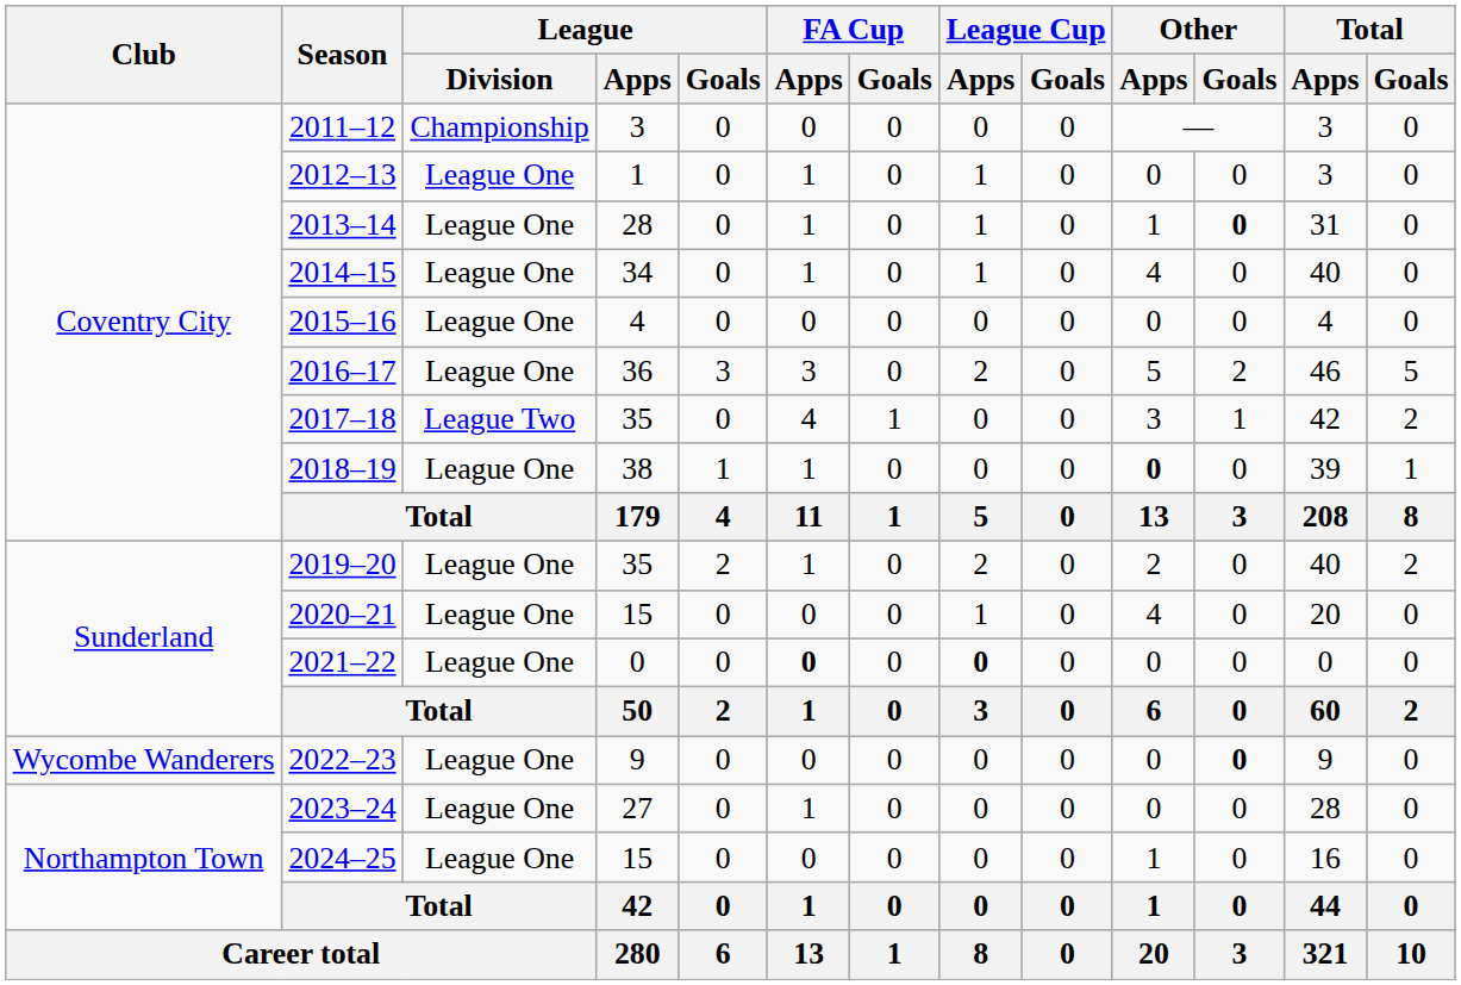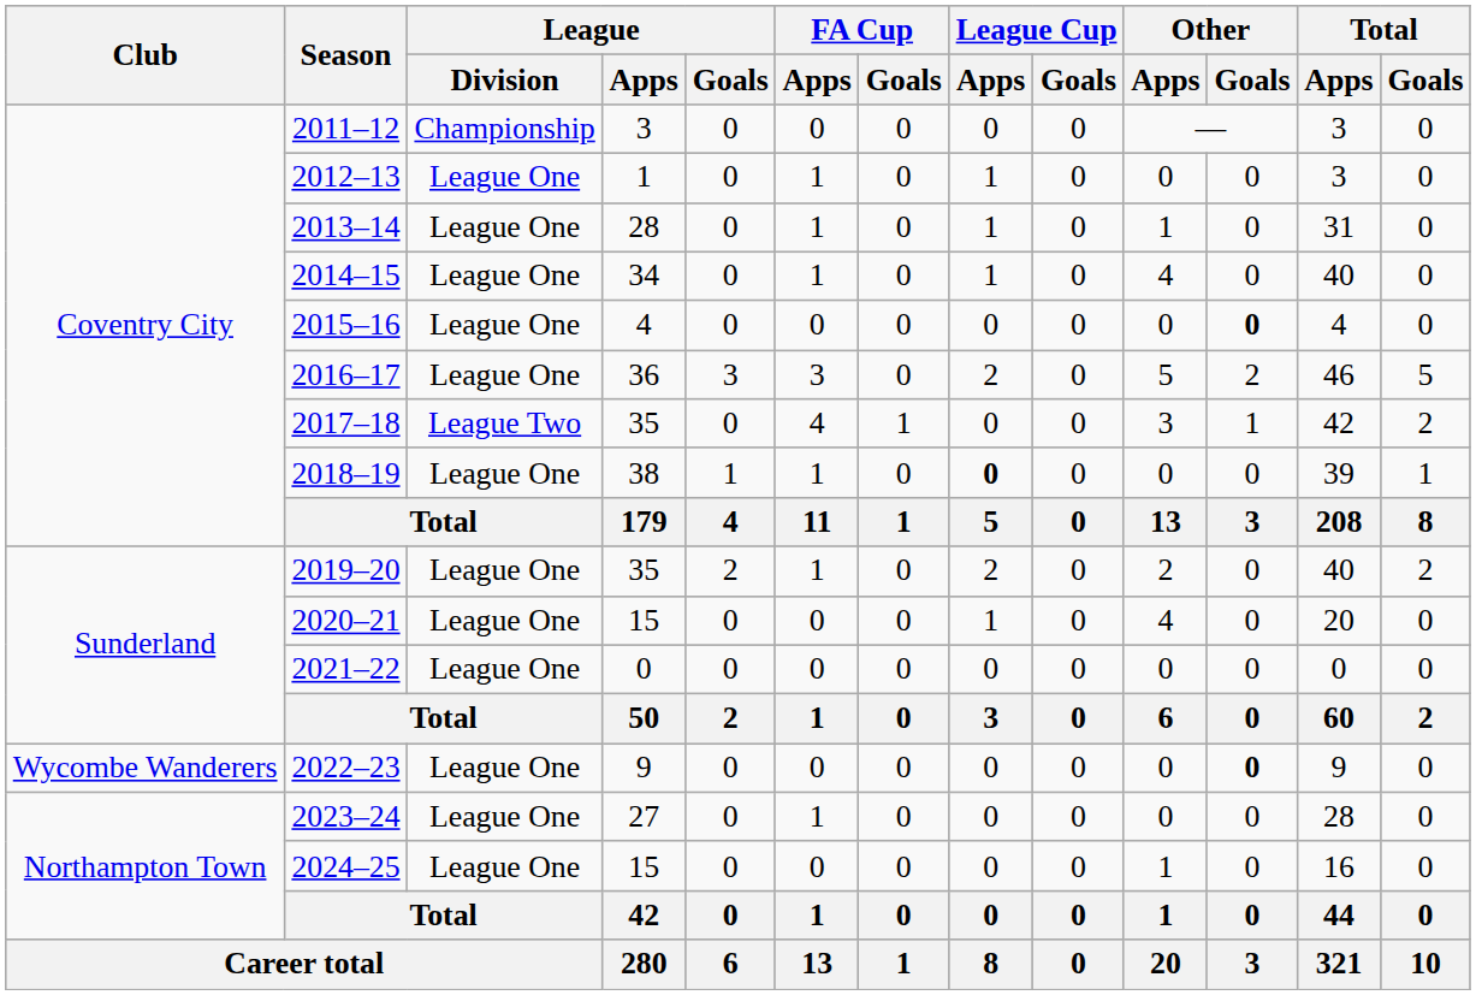 <table class=wikitable style=text-align:center>
 <tr>
 <th rowspan=2>Club</th>
 <th rowspan=2>Season</th>
 <th colspan=3>League</th>
 <th colspan=2><a href='#'>FA Cup</a></th>
 <th colspan=2><a href='#'>League Cup</a></th>
 <th colspan=2>Other</th>
 <th colspan=2>Total</th>
 </tr>
 <tr>
 <th>Division</th>
 <th>Apps</th>
 <th>Goals</th>
 <th>Apps</th>
 <th>Goals</th>
 <th>Apps</th>
 <th>Goals</th>
 <th>Apps</th>
 <th>Goals</th>
 <th>Apps</th>
 <th>Goals</th>
 </tr>
 <tr>
 <td rowspan=9><a href='#'>Coventry City</a></td>
 <td><a href='#'>2011–12</a></td>
 <td><a href='#'>Championship</a></td>
 <td>3</td>
 <td>0</td>
 <td>0</td>
 <td>0</td>
 <td>0</td>
 <td>0</td>
 <td colspan=2>—</td>
 <td>3</td>
 <td>0</td>
 </tr>
 <tr>
 <td><a href='#'>2012–13</a></td>
 <td><a href='#'>League One</a></td>
 <td>1</td>
 <td>0</td>
 <td>1</td>
 <td>0</td>
 <td>1</td>
 <td>0</td>
 <td>0</td>
 <td>0</td>
 <td>3</td>
 <td>0</td>
 </tr>
 <tr>
 <td><a href='#'>2013–14</a></td>
 <td>League One</td>
 <td>28</td>
 <td>0</td>
 <td>1</td>
 <td>0</td>
 <td>1</td>
 <td>0</td>
 <td>1</td>
-<td><strong>0</strong></td>
+<td>0</td>
 <td>31</td>
 <td>0</td>
 </tr>
 <tr>
 <td><a href='#'>2014–15</a></td>
 <td>League One</td>
 <td>34</td>
 <td>0</td>
 <td>1</td>
 <td>0</td>
 <td>1</td>
 <td>0</td>
 <td>4</td>
 <td>0</td>
 <td>40</td>
 <td>0</td>
 </tr>
 <tr>
 <td><a href='#'>2015–16</a></td>
 <td>League One</td>
 <td>4</td>
 <td>0</td>
 <td>0</td>
 <td>0</td>
 <td>0</td>
 <td>0</td>
 <td>0</td>
-<td>0</td>
+<td><strong>0</strong></td>
 <td>4</td>
 <td>0</td>
 </tr>
 <tr>
 <td><a href='#'>2016–17</a></td>
 <td>League One</td>
 <td>36</td>
 <td>3</td>
 <td>3</td>
 <td>0</td>
 <td>2</td>
 <td>0</td>
 <td>5</td>
 <td>2</td>
 <td>46</td>
 <td>5</td>
 </tr>
 <tr>
 <td><a href='#'>2017–18</a></td>
 <td><a href='#'>League Two</a></td>
 <td>35</td>
 <td>0</td>
 <td>4</td>
 <td>1</td>
 <td>0</td>
 <td>0</td>
 <td>3</td>
 <td>1</td>
 <td>42</td>
 <td>2</td>
 </tr>
 <tr>
 <td><a href='#'>2018–19</a></td>
 <td>League One</td>
 <td>38</td>
 <td>1</td>
 <td>1</td>
 <td>0</td>
+<td><strong>0</strong></td>
 <td>0</td>
 <td>0</td>
-<td><strong>0</strong></td>
 <td>0</td>
 <td>39</td>
 <td>1</td>
 </tr>
 <tr>
 <th colspan=2>Total</th>
 <th>179</th>
 <th>4</th>
 <th>11</th>
 <th>1</th>
 <th>5</th>
 <th>0</th>
 <th>13</th>
 <th>3</th>
 <th>208</th>
 <th>8</th>
 </tr>
 <tr>
 <td rowspan=4><a href='#'>Sunderland</a></td>
 <td><a href='#'>2019–20</a></td>
 <td>League One</td>
 <td>35</td>
 <td>2</td>
 <td>1</td>
 <td>0</td>
 <td>2</td>
 <td>0</td>
 <td>2</td>
 <td>0</td>
 <td>40</td>
 <td>2</td>
 </tr>
 <tr>
 <td><a href='#'>2020–21</a></td>
 <td>League One</td>
 <td>15</td>
 <td>0</td>
 <td>0</td>
 <td>0</td>
 <td>1</td>
 <td>0</td>
 <td>4</td>
 <td>0</td>
 <td>20</td>
 <td>0</td>
 </tr>
 <tr>
 <td><a href='#'>2021–22</a></td>
 <td>League One</td>
 <td>0</td>
 <td>0</td>
-<td><strong>0</strong></td>
 <td>0</td>
-<td><strong>0</strong></td>
+<td>0</td>
+<td>0</td>
 <td>0</td>
 <td>0</td>
 <td>0</td>
 <td>0</td>
 <td>0</td>
 </tr>
 <tr>
 <th colspan=2>Total</th>
 <th>50</th>
 <th>2</th>
 <th>1</th>
 <th>0</th>
 <th>3</th>
 <th>0</th>
 <th>6</th>
 <th>0</th>
 <th>60</th>
 <th>2</th>
 </tr>
 <tr>
 <td><a href='#'>Wycombe Wanderers</a></td>
 <td><a href='#'>2022–23</a></td>
 <td>League One</td>
 <td>9</td>
 <td>0</td>
 <td>0</td>
 <td>0</td>
 <td>0</td>
 <td>0</td>
 <td>0</td>
 <td><strong>0</strong></td>
 <td>9</td>
 <td>0</td>
 </tr>
 <tr>
 <td rowspan=3><a href='#'>Northampton Town</a></td>
 <td><a href='#'>2023–24</a></td>
 <td>League One</td>
 <td>27</td>
 <td>0</td>
 <td>1</td>
 <td>0</td>
 <td>0</td>
 <td>0</td>
 <td>0</td>
 <td>0</td>
 <td>28</td>
 <td>0</td>
 </tr>
 <tr>
 <td><a href='#'>2024–25</a></td>
 <td>League One</td>
 <td>15</td>
 <td>0</td>
 <td>0</td>
 <td>0</td>
 <td>0</td>
 <td>0</td>
 <td>1</td>
 <td>0</td>
 <td>16</td>
 <td>0</td>
 </tr>
 <tr>
 <th colspan=2>Total</th>
 <th>42</th>
 <th>0</th>
 <th>1</th>
 <th>0</th>
 <th>0</th>
 <th>0</th>
 <th>1</th>
 <th>0</th>
 <th>44</th>
 <th>0</th>
 </tr>
 <tr>
 <th colspan=3>Career total</th>
 <th>280</th>
 <th>6</th>
 <th>13</th>
 <th>1</th>
 <th>8</th>
 <th>0</th>
 <th>20</th>
 <th>3</th>
 <th>321</th>
 <th>10</th>
 </tr>
 </table>
